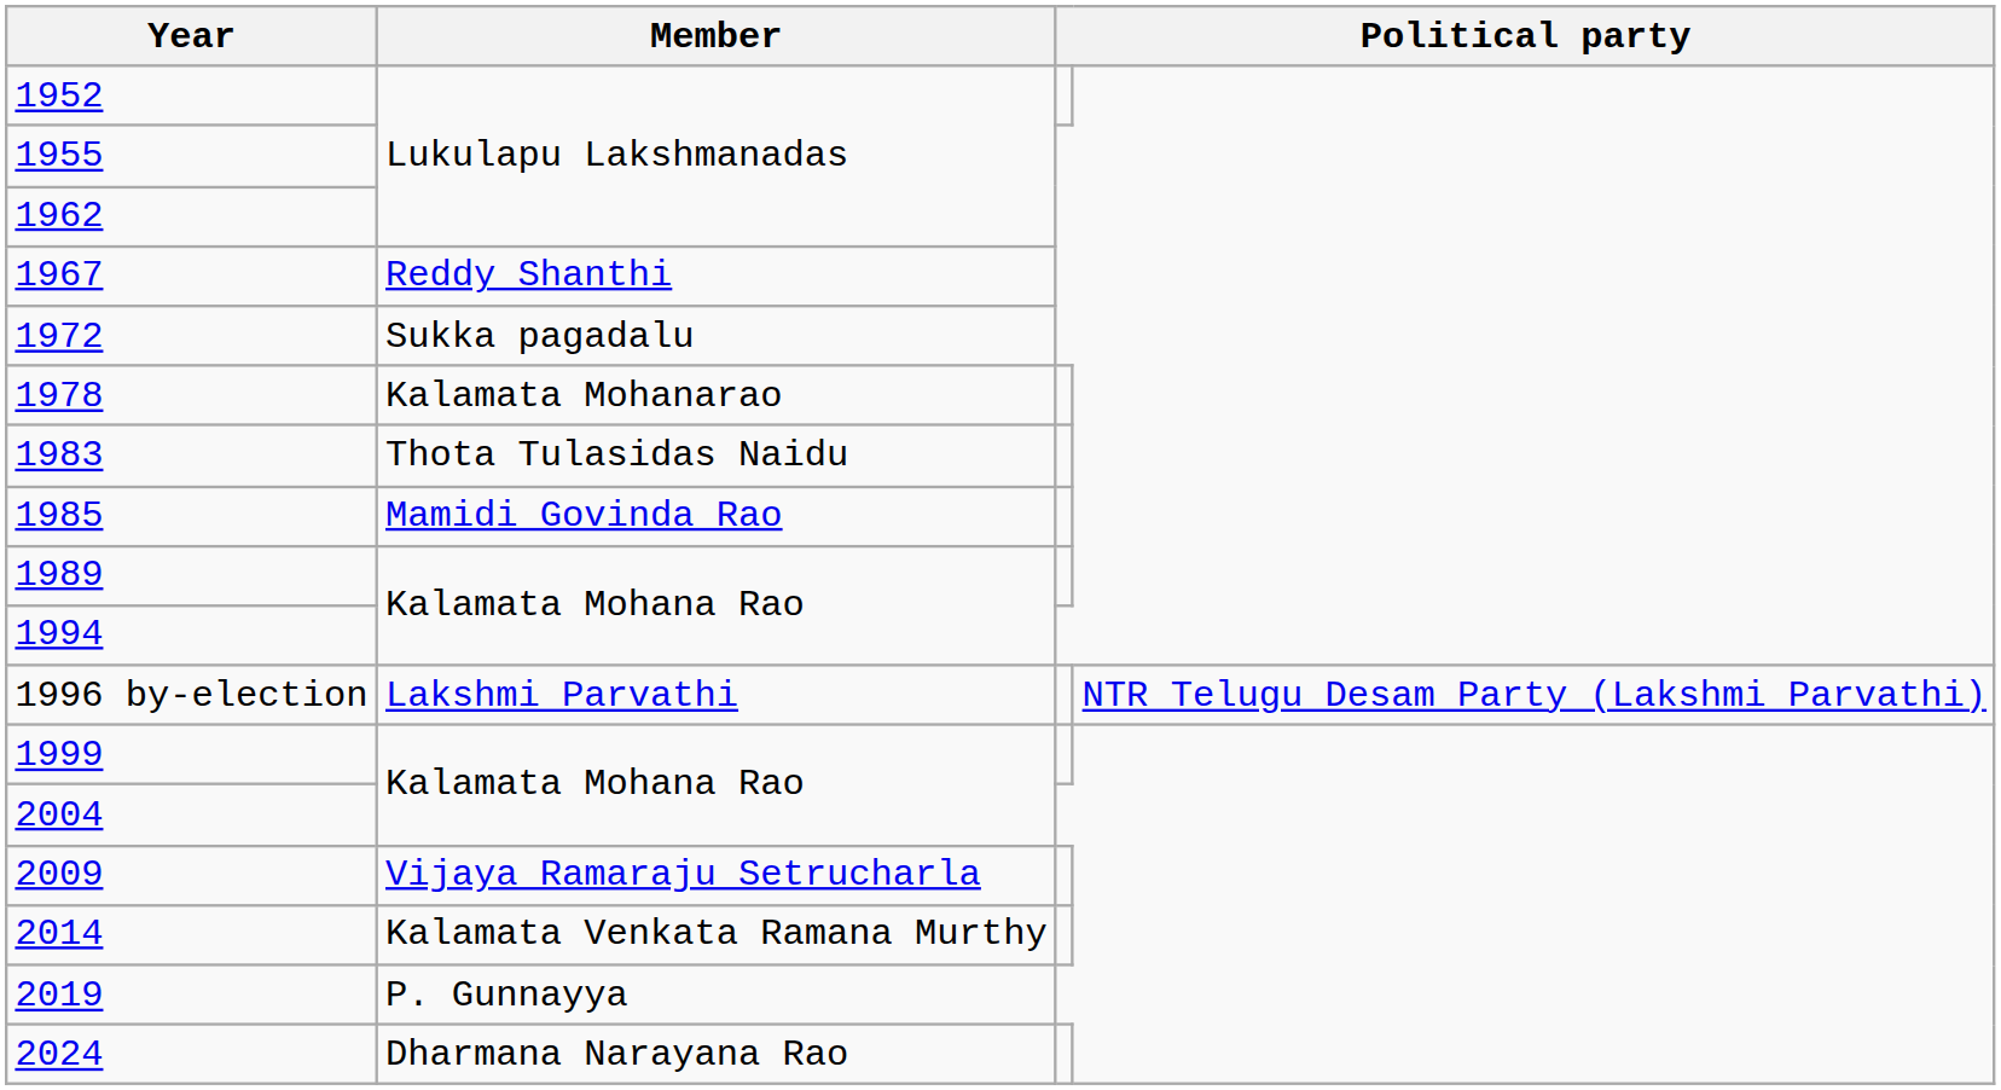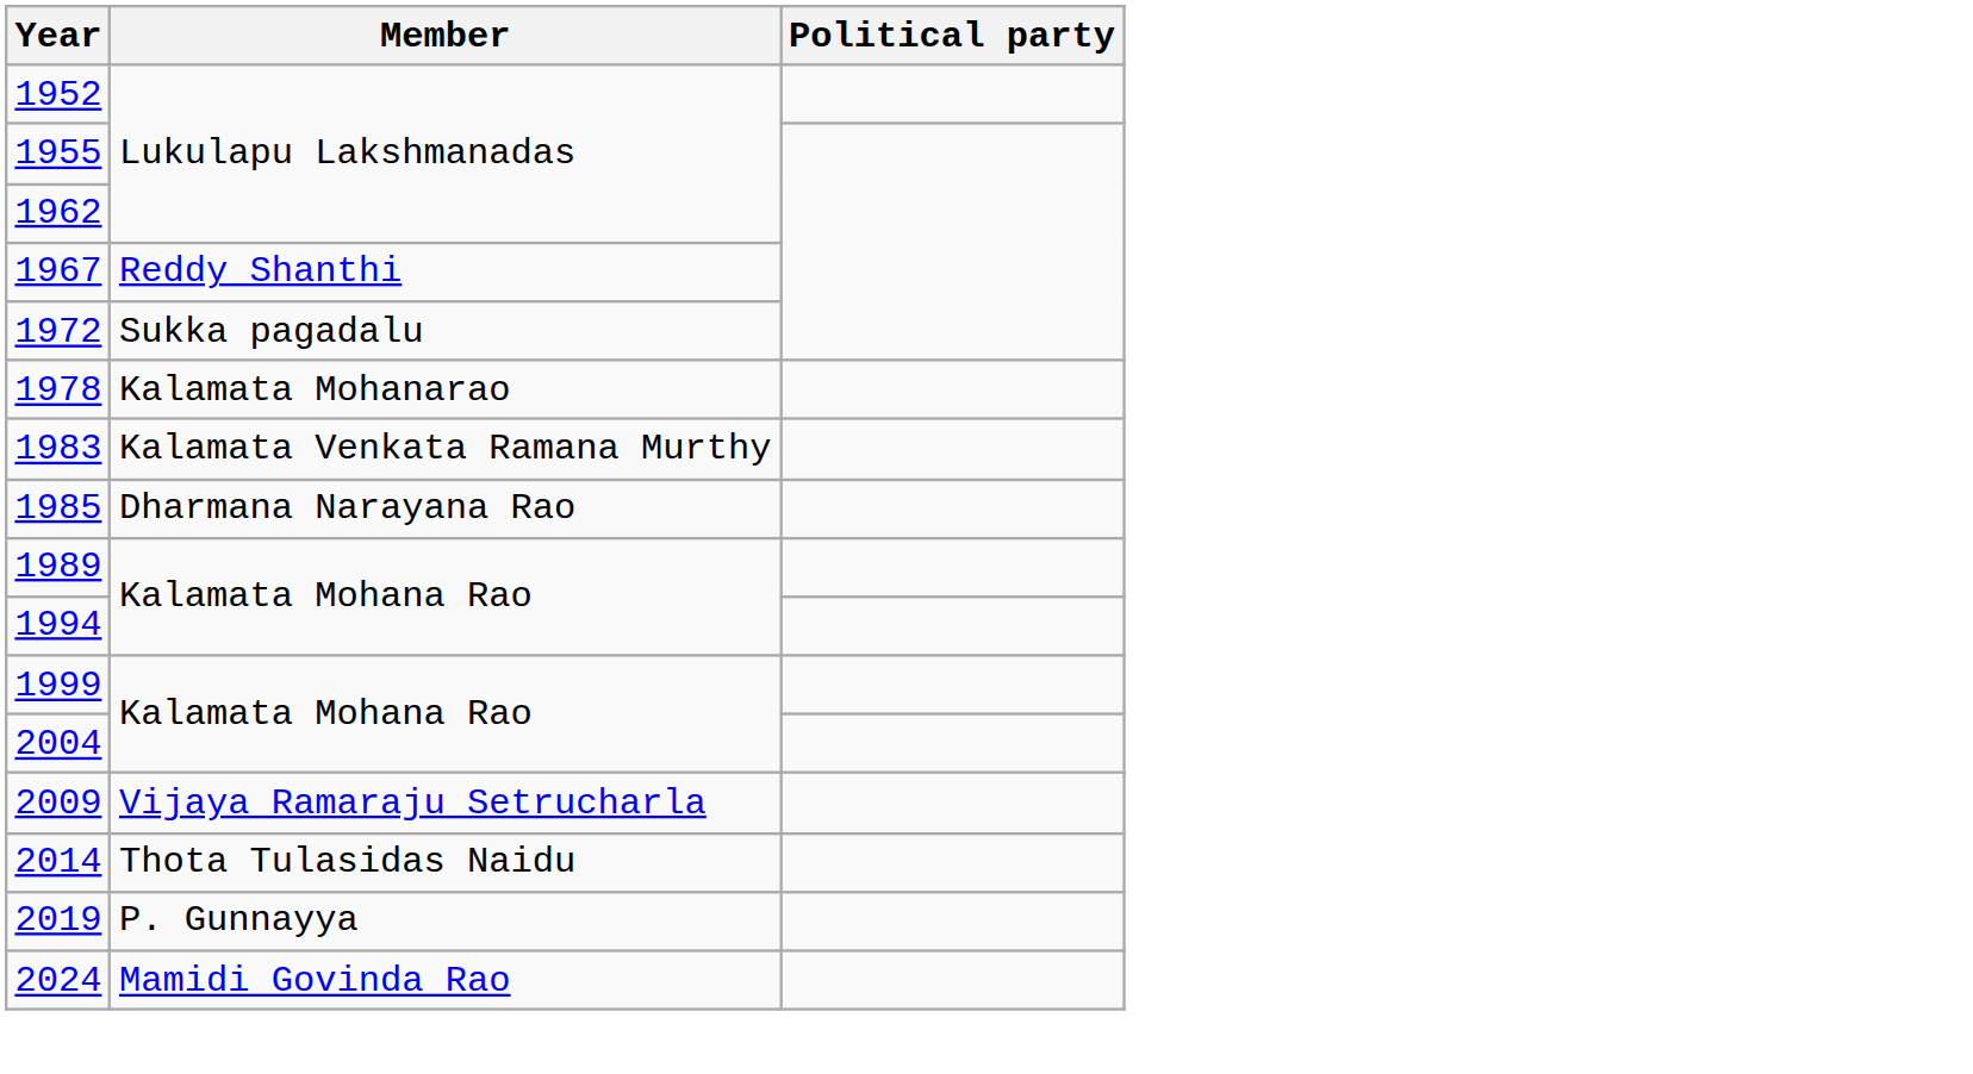 <table class="wikitable sortable">
 <tr>
 <th>Year</th>
 <th>Member</th>
 <th colspan="2">Political party</th>
 </tr>
 <tr>
 <td><a href='#'>1952</a></td>
 <td rowspan=3>Lukulapu Lakshmanadas</td>
 <td></td>
 </tr>
 <tr>
 <td><a href='#'>1955</a></td>
 </tr>
 <tr>
 <td><a href='#'>1962</a></td>
 </tr>
 <tr>
 <td><a href='#'>1967</a></td>
 <td><a href='#'>Reddy Shanthi</a></td>
 </tr>
 <tr>
 <td><a href='#'>1972</a></td>
 <td>Sukka pagadalu</td>
 </tr>
 <tr>
 <td><a href='#'>1978</a></td>
 <td>Kalamata Mohanarao</td>
 <td></td>
 </tr>
 <tr>
 <td><a href='#'>1983</a></td>
-<td>Thota Tulasidas Naidu</td>
+<td>Kalamata Venkata Ramana Murthy</td>
 <td></td>
 </tr>
 <tr>
 <td><a href='#'>1985</a></td>
-<td><a href='#'>Mamidi Govinda Rao</a></td>
+<td>Dharmana Narayana Rao</td>
 <td></td>
 </tr>
 <tr>
 <td><a href='#'>1989</a></td>
 <td rowspan=2>Kalamata Mohana Rao</td>
 <td></td>
 </tr>
 <tr>
 <td><a href='#'>1994</a></td>
-</tr>
-<tr>
-<td>1996 by-election</td>
-<td><a href='#'>Lakshmi Parvathi</a></td>
-<td style="background-color: "></td>
-<td><a href='#'>NTR Telugu Desam Party (Lakshmi Parvathi)</a></td>
 </tr>
 <tr>
 <td><a href='#'>1999</a></td>
 <td rowspan=2>Kalamata Mohana Rao</td>
 <td></td>
 </tr>
 <tr>
 <td><a href='#'>2004</a></td>
 </tr>
 <tr>
 <td><a href='#'>2009</a></td>
 <td><a href='#'>Vijaya Ramaraju Setrucharla</a></td>
 <td></td>
 </tr>
 <tr>
 <td><a href='#'>2014</a></td>
-<td>Kalamata Venkata Ramana Murthy</td>
+<td>Thota Tulasidas Naidu</td>
 <td></td>
 </tr>
 <tr>
 <td><a href='#'>2019</a></td>
 <td>P. Gunnayya</td>
 </tr>
 <tr>
 <td><a href='#'>2024</a></td>
-<td>Dharmana Narayana Rao</td>
+<td><a href='#'>Mamidi Govinda Rao</a></td>
 <td></td>
 </tr>
 </table>
